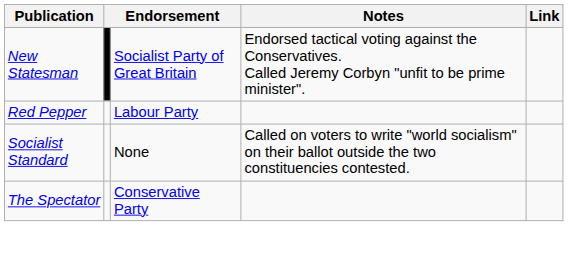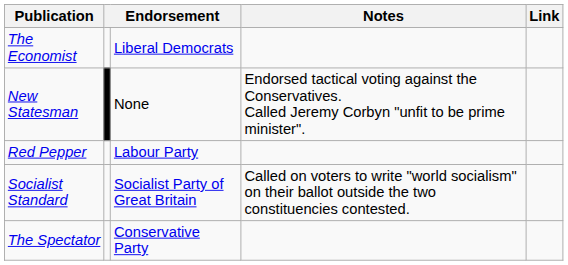 <table class="wikitable">
 <tr>
 <th>Publication</th>
 <th colspan=2>Endorsement</th>
 <th>Notes</th>
 <th>Link</th>
 </tr>
 <tr>
+<td><em><a href='#'>The Economist</a></em></td>
+<td style="background-color: "></td>
+<td><a href='#'>Liberal Democrats</a></td>
+<td></td>
+<td></td>
+</tr>
+<tr>
 <td><em><a href='#'>New Statesman</a></em></td>
 <td style="background-color:black"></td>
-<td><a href='#'>Socialist Party of Great Britain</a></td>
+<td>None</td>
 <td>Endorsed tactical voting against the Conservatives.<br>Called Jeremy Corbyn "unfit to be prime minister".</td>
 <td></td>
 </tr>
 <tr>
 <td><em><a href='#'>Red Pepper</a></em></td>
 <td style="background-color: "></td>
 <td><a href='#'>Labour Party</a></td>
 <td></td>
 <td></td>
 </tr>
 <tr>
 <td><em><a href='#'>Socialist Standard</a></em></td>
 <td style="background-color: "></td>
-<td>None</td>
+<td><a href='#'>Socialist Party of Great Britain</a></td>
 <td>Called on voters to write "world socialism" on their ballot outside the two constituencies contested.</td>
 <td></td>
 </tr>
 <tr>
 <td><em><a href='#'>The Spectator</a></em></td>
 <td style="background-color: "></td>
 <td><a href='#'>Conservative Party</a></td>
 <td></td>
 <td></td>
 </tr>
 </table>
